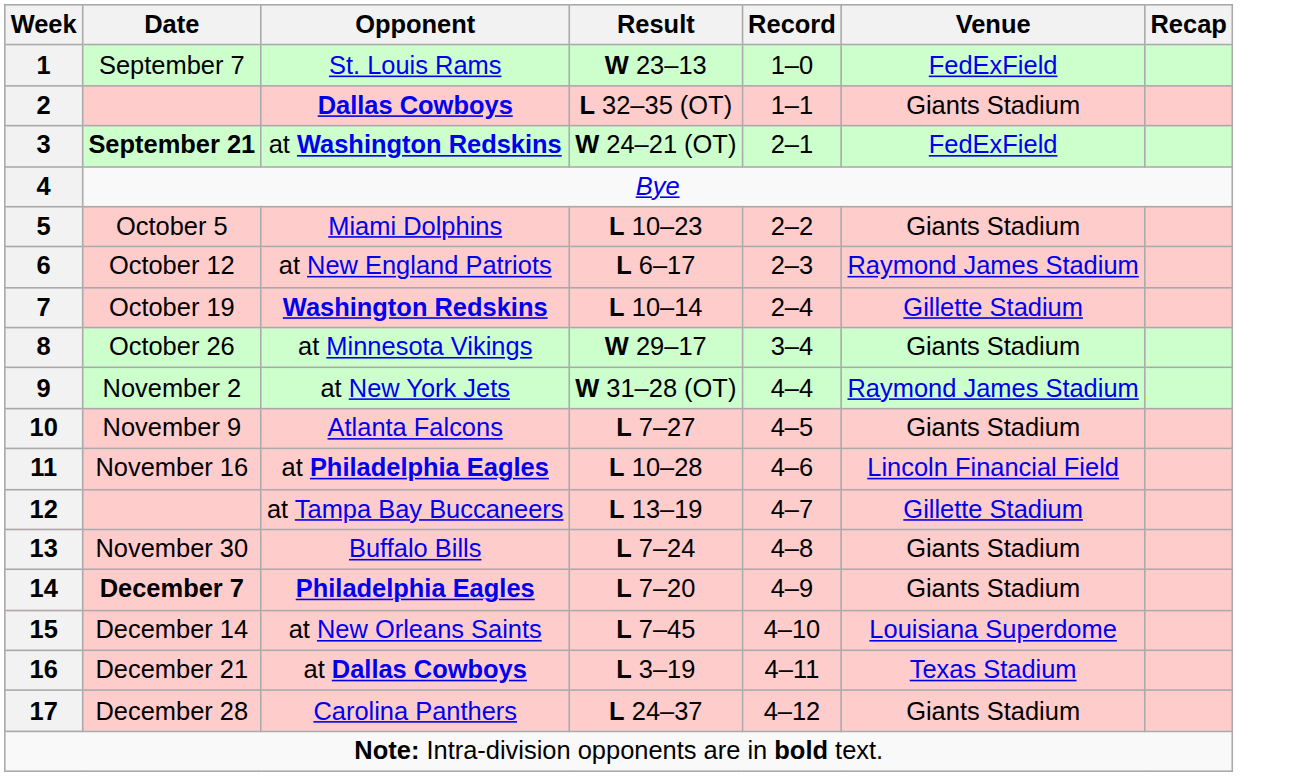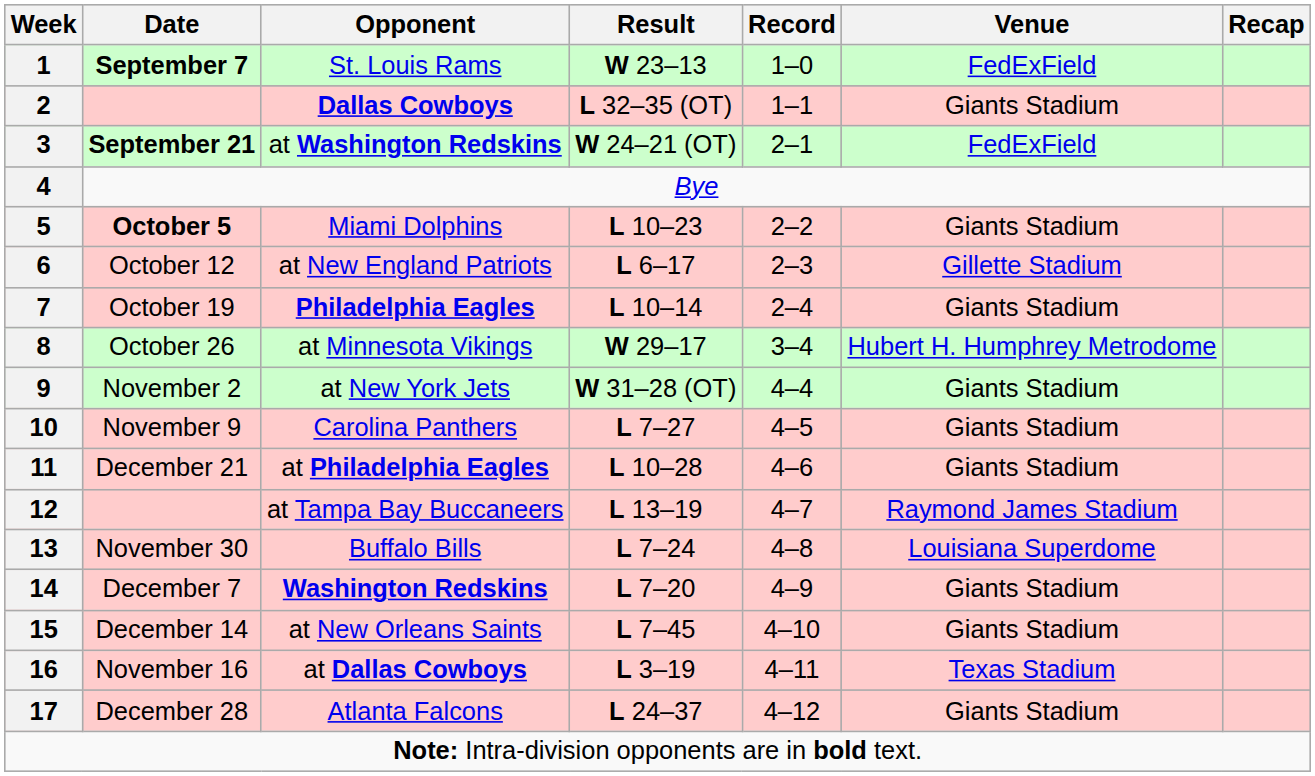 <table class="wikitable" style="text-align:center">
 <tr>
 <th>Week</th>
 <th>Date</th>
 <th>Opponent</th>
 <th>Result</th>
 <th>Record</th>
 <th>Venue</th>
 <th>Recap</th>
 </tr>
 <tr style="background: #cfc;">
 <th>1</th>
-<td>September 7</td>
+<td><strong>September 7</strong></td>
 <td><a href='#'>St. Louis Rams</a></td>
 <td><strong>W</strong> 23–13</td>
 <td>1–0</td>
 <td><a href='#'>FedExField</a></td>
 <td></td>
 </tr>
 <tr style="background: #fcc;">
 <th>2</th>
 <td></td>
 <td><strong><a href='#'>Dallas Cowboys</a></strong></td>
 <td><strong>L</strong> 32–35 (OT)</td>
 <td>1–1</td>
 <td>Giants Stadium</td>
 <td></td>
 </tr>
 <tr style="background: #cfc;">
 <th>3</th>
 <td><strong>September 21</strong></td>
 <td>at <strong><a href='#'>Washington Redskins</a></strong></td>
 <td><strong>W</strong> 24–21 (OT)</td>
 <td>2–1</td>
 <td><a href='#'>FedExField</a></td>
 <td></td>
 </tr>
 <tr>
 <th>4</th>
 <td align="center" colspan="6"><em><a href='#'>Bye</a></em></td>
 </tr>
 <tr style="background: #fcc;">
 <th>5</th>
-<td>October 5</td>
+<td><strong>October 5</strong></td>
 <td><a href='#'>Miami Dolphins</a></td>
 <td><strong>L</strong> 10–23</td>
 <td>2–2</td>
 <td>Giants Stadium</td>
 <td></td>
 </tr>
 <tr style="background: #fcc;">
 <th>6</th>
 <td>October 12</td>
 <td>at <a href='#'>New England Patriots</a></td>
 <td><strong>L</strong> 6–17</td>
 <td>2–3</td>
-<td><a href='#'>Raymond James Stadium</a></td>
+<td><a href='#'>Gillette Stadium</a></td>
 <td></td>
 </tr>
 <tr style="background: #fcc;">
 <th>7</th>
 <td>October 19</td>
-<td><strong><a href='#'>Washington Redskins</a> </strong></td>
+<td><strong><a href='#'>Philadelphia Eagles</a></strong></td>
 <td><strong>L</strong> 10–14</td>
 <td>2–4</td>
-<td><a href='#'>Gillette Stadium</a></td>
+<td>Giants Stadium</td>
 <td></td>
 </tr>
 <tr style="background: #cfc;">
 <th>8</th>
 <td>October 26</td>
 <td>at <a href='#'>Minnesota Vikings</a></td>
 <td><strong>W</strong> 29–17</td>
 <td>3–4</td>
-<td>Giants Stadium</td>
+<td><a href='#'>Hubert H. Humphrey Metrodome</a></td>
 <td></td>
 </tr>
 <tr style="background: #cfc;">
 <th>9</th>
 <td>November 2</td>
 <td>at <a href='#'>New York Jets</a></td>
 <td><strong>W</strong> 31–28 (OT)</td>
 <td>4–4</td>
-<td><a href='#'>Raymond James Stadium</a></td>
+<td>Giants Stadium</td>
 <td></td>
 </tr>
 <tr style="background: #fcc;">
 <th>10</th>
 <td>November 9</td>
-<td><a href='#'>Atlanta Falcons</a></td>
+<td><a href='#'>Carolina Panthers</a></td>
 <td><strong>L</strong> 7–27</td>
 <td>4–5</td>
 <td>Giants Stadium</td>
 <td></td>
 </tr>
 <tr style="background: #fcc;">
 <th>11</th>
-<td>November 16</td>
+<td>December 21</td>
 <td>at <strong><a href='#'>Philadelphia Eagles</a></strong></td>
 <td><strong>L</strong> 10–28</td>
 <td>4–6</td>
-<td><a href='#'>Lincoln Financial Field</a></td>
+<td>Giants Stadium</td>
 <td></td>
 </tr>
 <tr style="background: #fcc;">
 <th>12</th>
 <td></td>
 <td>at <a href='#'>Tampa Bay Buccaneers</a></td>
 <td><strong>L</strong> 13–19</td>
 <td>4–7</td>
-<td><a href='#'>Gillette Stadium</a></td>
+<td><a href='#'>Raymond James Stadium</a></td>
 <td></td>
 </tr>
 <tr style="background: #fcc;">
 <th>13</th>
 <td>November 30</td>
 <td><a href='#'>Buffalo Bills</a></td>
 <td><strong>L</strong> 7–24</td>
 <td>4–8</td>
-<td>Giants Stadium</td>
+<td><a href='#'>Louisiana Superdome</a></td>
 <td></td>
 </tr>
 <tr style="background: #fcc;">
 <th>14</th>
-<td><strong>December 7</strong></td>
-<td><strong><a href='#'>Philadelphia Eagles</a></strong></td>
+<td>December 7</td>
+<td><strong><a href='#'>Washington Redskins</a> </strong></td>
 <td><strong>L</strong> 7–20</td>
 <td>4–9</td>
 <td>Giants Stadium</td>
 <td></td>
 </tr>
 <tr style="background: #fcc;">
 <th>15</th>
 <td>December 14</td>
 <td>at <a href='#'>New Orleans Saints</a></td>
 <td><strong>L</strong> 7–45</td>
 <td>4–10</td>
-<td><a href='#'>Louisiana Superdome</a></td>
+<td>Giants Stadium</td>
 <td></td>
 </tr>
 <tr style="background: #fcc;">
 <th>16</th>
-<td>December 21</td>
+<td>November 16</td>
 <td>at <strong><a href='#'>Dallas Cowboys</a></strong></td>
 <td><strong>L</strong> 3–19</td>
 <td>4–11</td>
 <td><a href='#'>Texas Stadium</a></td>
 <td></td>
 </tr>
 <tr style="background: #fcc;">
 <th>17</th>
 <td>December 28</td>
-<td><a href='#'>Carolina Panthers</a></td>
+<td><a href='#'>Atlanta Falcons</a></td>
 <td><strong>L</strong> 24–37</td>
 <td>4–12</td>
 <td>Giants Stadium</td>
 <td></td>
 </tr>
 <tr>
 <td colspan="8"><strong>Note:</strong> Intra-division opponents are in <strong>bold</strong> text.</td>
 </tr>
 </table>
